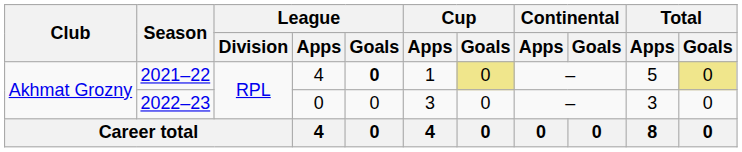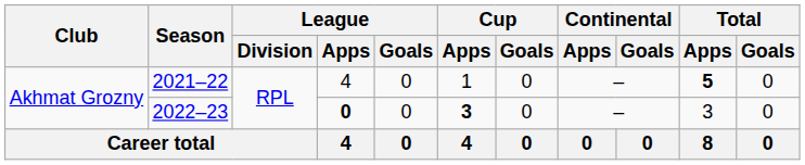 <table class="wikitable" style="text-align: center;">
 <tr>
 <th rowspan=2>Club</th>
 <th rowspan=2>Season</th>
 <th colspan=3>League</th>
 <th colspan=2>Cup</th>
 <th colspan=2>Continental</th>
 <th colspan=2>Total</th>
 </tr>
 <tr>
 <th>Division</th>
 <th>Apps</th>
 <th>Goals</th>
 <th>Apps</th>
 <th>Goals</th>
 <th>Apps</th>
 <th>Goals</th>
 <th>Apps</th>
 <th>Goals</th>
 </tr>
 <tr>
 <td rowspan="2"><a href='#'>Akhmat Grozny</a></td>
 <td><a href='#'>2021–22</a></td>
 <td rowspan="2"><a href='#'>RPL</a></td>
 <td>4</td>
-<td><strong>0</strong></td>
+<td>0</td>
 <td>1</td>
-<td style="background: khaki;">0</td>
+<td>0</td>
 <td colspan=2>–</td>
-<td>5</td>
-<td style="background: khaki;">0</td>
+<td><strong>5</strong></td>
+<td>0</td>
 </tr>
 <tr>
 <td><a href='#'>2022–23</a></td>
+<td><strong>0</strong></td>
 <td>0</td>
-<td>0</td>
-<td>3</td>
+<td><strong>3</strong></td>
 <td>0</td>
 <td colspan=2>–</td>
 <td>3</td>
 <td>0</td>
 </tr>
 <tr>
 <th colspan=3>Career total</th>
 <th>4</th>
 <th>0</th>
 <th>4</th>
 <th>0</th>
 <th>0</th>
 <th>0</th>
 <th>8</th>
 <th>0</th>
 </tr>
 </table>
